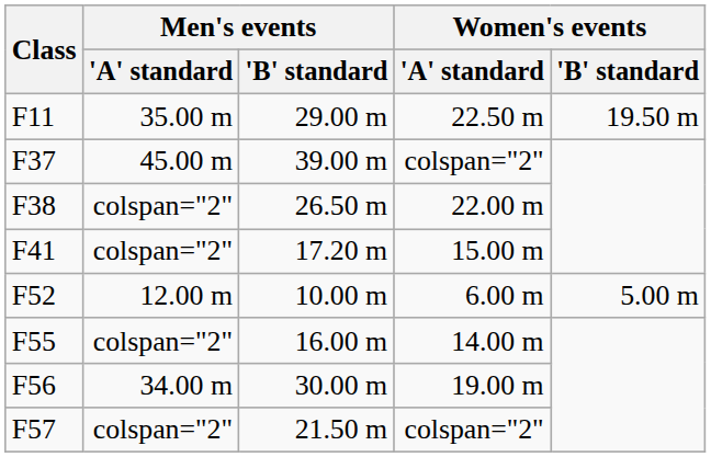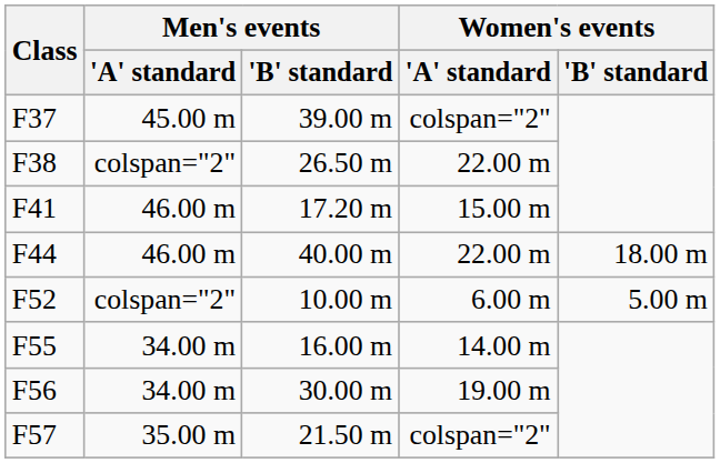 <table class="wikitable" style="text-align:right">
 <tr>
 <th rowspan="2">Class</th>
 <th colspan="2">Men's events</th>
 <th colspan="2">Women's events</th>
 </tr>
 <tr style="font-size:95%">
 <th>'A' standard</th>
 <th>'B' standard</th>
 <th>'A' standard</th>
 <th>'B' standard</th>
-</tr>
-<tr>
-<td style="text-align:left">F11</td>
-<td>35.00 m</td>
-<td>29.00 m</td>
-<td>22.50 m</td>
-<td>19.50 m</td>
 </tr>
 <tr>
 <td style="text-align:left">F37</td>
 <td>45.00 m</td>
 <td>39.00 m</td>
 <td>colspan="2" </td>
 </tr>
 <tr>
 <td style="text-align:left">F38</td>
 <td>colspan="2" </td>
 <td>26.50 m</td>
 <td>22.00 m</td>
 </tr>
 <tr>
 <td style="text-align:left">F41</td>
-<td>colspan="2" </td>
+<td>46.00 m</td>
 <td>17.20 m</td>
 <td>15.00 m</td>
 </tr>
 <tr>
+<td style="text-align:left">F44</td>
+<td>46.00 m</td>
+<td>40.00 m</td>
+<td>22.00 m</td>
+<td>18.00 m</td>
+</tr>
+<tr>
 <td style="text-align:left">F52</td>
-<td>12.00 m</td>
+<td>colspan="2" </td>
 <td>10.00 m</td>
 <td>6.00 m</td>
 <td>5.00 m</td>
 </tr>
 <tr>
 <td style="text-align:left">F55</td>
-<td>colspan="2" </td>
+<td>34.00 m</td>
 <td>16.00 m</td>
 <td>14.00 m</td>
 </tr>
 <tr>
 <td style="text-align:left">F56</td>
 <td>34.00 m</td>
 <td>30.00 m</td>
 <td>19.00 m</td>
 </tr>
 <tr>
 <td style="text-align:left">F57</td>
-<td>colspan="2" </td>
+<td>35.00 m</td>
 <td>21.50 m</td>
 <td>colspan="2" </td>
 </tr>
 </table>
